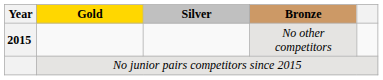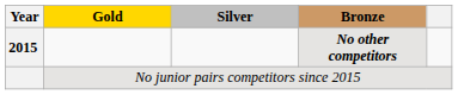 <table class="wikitable unsortable" style="text-align:left; width:80%">
 <tr>
 <th scope="col" style="text-align:center; width:5%">Year</th>
 <th scope="col" style="text-align:center; width:25%; background:gold">Gold</th>
 <th scope="col" style="text-align:center; width:25%; background:silver">Silver</th>
 <th scope="col" style="text-align:center; width:25%; background:#c96">Bronze</th>
 <th scope="col" style="text-align:center; width:5%"></th>
 </tr>
 <tr>
 <th scope="row" style="text-align:left">2015</th>
 <td></td>
 <td></td>
-<td align="center" bgcolor="e5e4e2"><em>No other competitors</em></td>
+<td align="center" bgcolor="e5e4e2"><strong><em>No other competitors</em></strong></td>
 <td></td>
 </tr>
 <tr>
 <th scope="row" style="text-align: left"></th>
 <td colspan="4" bgcolor="e5e4e2" align="center"><em>No junior pairs competitors since 2015</em></td>
 </tr>
 </table>
